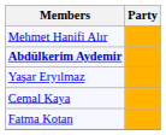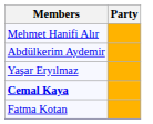 <table class=wikitable style="border:1px solid #8888aa; background-color:#f7f8ff; padding:0px; font-size:90%;">
 <tr>
 <th>Members</th>
 <th colspan="2">Party</th>
 </tr>
 <tr>
 <td><a href='#'>Mehmet Hanifi Alır</a></td>
 <td style="background: #ffb300"></td>
 </tr>
 <tr>
-<td><strong><a href='#'>Abdülkerim Aydemir</a></strong></td>
+<td><a href='#'>Abdülkerim Aydemir</a></td>
 <td style="background: #ffb300"></td>
 </tr>
 <tr>
 <td><a href='#'>Yaşar Eryılmaz</a></td>
 <td style="background: #ffb300"></td>
 </tr>
 <tr>
-<td><a href='#'>Cemal Kaya</a></td>
+<td><strong><a href='#'>Cemal Kaya</a></strong></td>
 <td style="background: #ffb300"></td>
 </tr>
 <tr>
 <td><a href='#'>Fatma Kotan</a></td>
 <td style="background: #ffb300"></td>
 </tr>
 <tr>
 </tr>
 </table>
